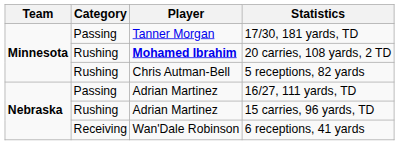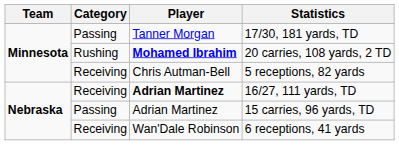 <table class="wikitable" style="float: right;">
 <tr>
 <th>Team</th>
 <th>Category</th>
 <th>Player</th>
 <th>Statistics</th>
 </tr>
 <tr>
 <td rowspan=3><strong>Minnesota</strong></td>
 <td>Passing</td>
 <td><a href='#'>Tanner Morgan</a></td>
 <td>17/30, 181 yards, TD</td>
 </tr>
 <tr>
 <td>Rushing</td>
 <td><strong><a href='#'>Mohamed Ibrahim</a></strong></td>
 <td>20 carries, 108 yards, 2 TD</td>
 </tr>
 <tr>
-<td>Rushing</td>
+<td>Receiving</td>
 <td>Chris Autman-Bell</td>
 <td>5 receptions, 82 yards</td>
 </tr>
 <tr>
 <td rowspan=3><strong>Nebraska</strong></td>
-<td>Passing</td>
-<td>Adrian Martinez</td>
+<td>Receiving</td>
+<td><strong>Adrian Martinez</strong></td>
 <td>16/27, 111 yards, TD</td>
 </tr>
 <tr>
-<td>Rushing</td>
+<td>Passing</td>
 <td>Adrian Martinez</td>
 <td>15 carries, 96 yards, TD</td>
 </tr>
 <tr>
 <td>Receiving</td>
 <td>Wan'Dale Robinson</td>
 <td>6 receptions, 41 yards</td>
 </tr>
 </table>
